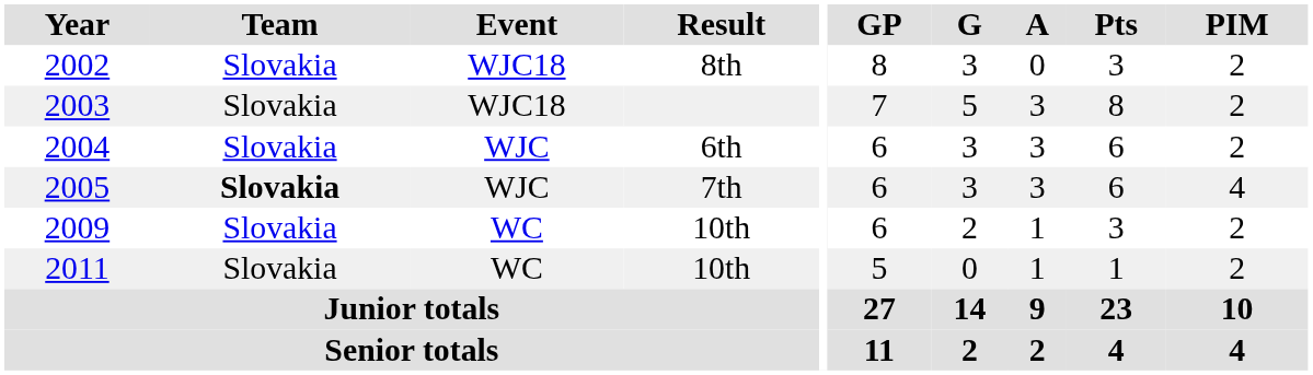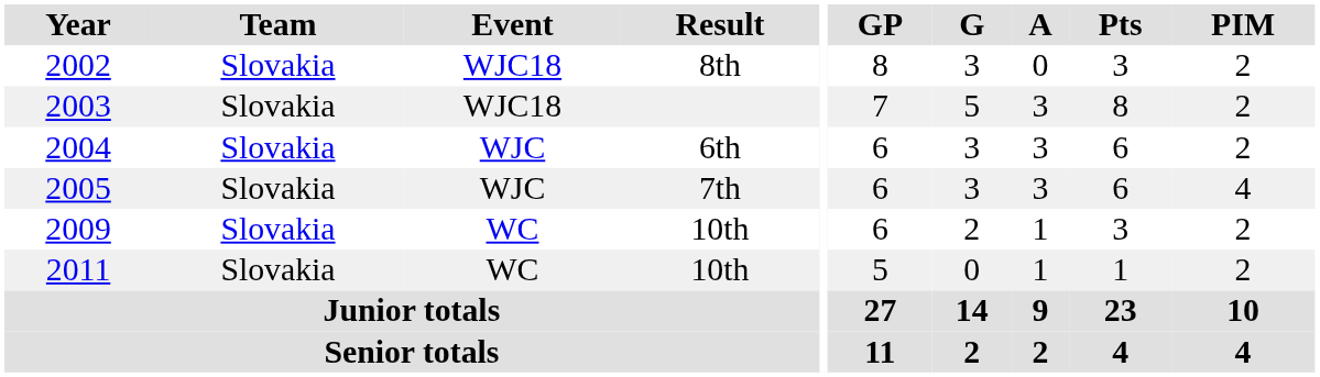 <table border="0" cellpadding="1" cellspacing="0" ID="Table3" style="text-align:center; width:40em">
 <tr ALIGN="center" bgcolor="#e0e0e0">
 <th>Year</th>
 <th>Team</th>
 <th>Event</th>
 <th>Result</th>
 <th rowspan="99" bgcolor="#ffffff"></th>
 <th>GP</th>
 <th>G</th>
 <th>A</th>
 <th>Pts</th>
 <th>PIM</th>
 </tr>
 <tr>
 <td><a href='#'>2002</a></td>
 <td><a href='#'>Slovakia</a></td>
 <td><a href='#'>WJC18</a></td>
 <td>8th</td>
 <td>8</td>
 <td>3</td>
 <td>0</td>
 <td>3</td>
 <td>2</td>
 </tr>
 <tr bgcolor="#f0f0f0">
 <td><a href='#'>2003</a></td>
 <td>Slovakia</td>
 <td>WJC18</td>
 <td></td>
 <td>7</td>
 <td>5</td>
 <td>3</td>
 <td>8</td>
 <td>2</td>
 </tr>
 <tr>
 <td><a href='#'>2004</a></td>
 <td><a href='#'>Slovakia</a></td>
 <td><a href='#'>WJC</a></td>
 <td>6th</td>
 <td>6</td>
 <td>3</td>
 <td>3</td>
 <td>6</td>
 <td>2</td>
 </tr>
 <tr bgcolor="#f0f0f0">
 <td><a href='#'>2005</a></td>
-<td><strong>Slovakia</strong></td>
+<td>Slovakia</td>
 <td>WJC</td>
 <td>7th</td>
 <td>6</td>
 <td>3</td>
 <td>3</td>
 <td>6</td>
 <td>4</td>
 </tr>
 <tr>
 <td><a href='#'>2009</a></td>
 <td><a href='#'>Slovakia</a></td>
 <td><a href='#'>WC</a></td>
 <td>10th</td>
 <td>6</td>
 <td>2</td>
 <td>1</td>
 <td>3</td>
 <td>2</td>
 </tr>
 <tr bgcolor="#f0f0f0">
 <td><a href='#'>2011</a></td>
 <td>Slovakia</td>
 <td>WC</td>
 <td>10th</td>
 <td>5</td>
 <td>0</td>
 <td>1</td>
 <td>1</td>
 <td>2</td>
 </tr>
 <tr bgcolor="#e0e0e0">
 <th colspan="4">Junior totals</th>
 <th>27</th>
 <th>14</th>
 <th>9</th>
 <th>23</th>
 <th>10</th>
 </tr>
 <tr bgcolor="#e0e0e0">
 <th colspan="4">Senior totals</th>
 <th>11</th>
 <th>2</th>
 <th>2</th>
 <th>4</th>
 <th>4</th>
 </tr>
 </table>
